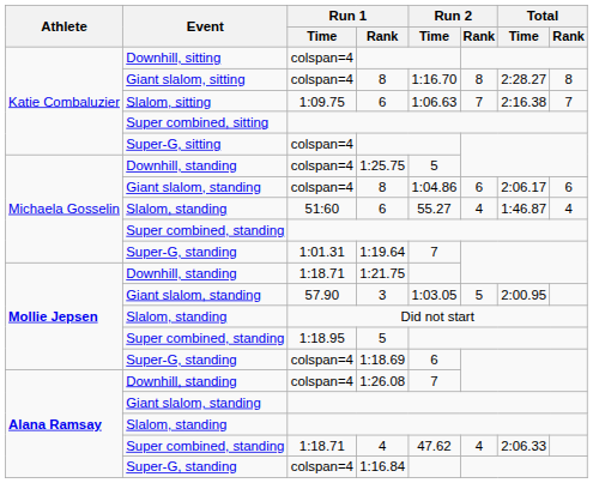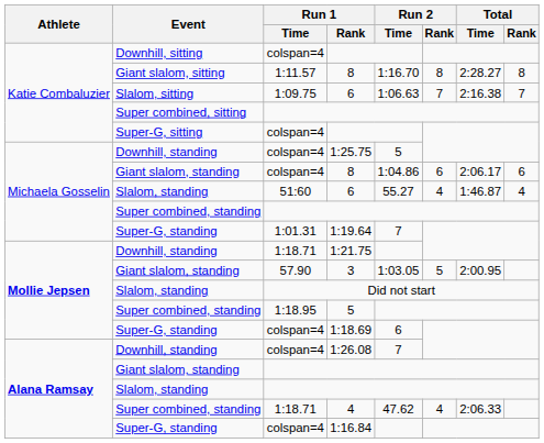 <table class="wikitable" style="font-size:90%">
 <tr>
 <th rowspan=2>Athlete</th>
 <th rowspan=2>Event</th>
 <th colspan=2>Run 1</th>
 <th colspan=2>Run 2</th>
 <th colspan=2>Total</th>
 </tr>
 <tr style="font-size:95%">
 <th>Time</th>
 <th>Rank</th>
 <th>Time</th>
 <th>Rank</th>
 <th>Time</th>
 <th>Rank</th>
 </tr>
 <tr align=center>
 <td style="text-align:left;" rowspan="5"><a href='#'>Katie Combaluzier</a></td>
 <td align=left><a href='#'>Downhill, sitting</a></td>
 <td>colspan=4 </td>
 <td colspan=2></td>
 </tr>
 <tr align=center>
 <td align=left><a href='#'>Giant slalom, sitting</a></td>
-<td>colspan=4 </td>
+<td>1:11.57</td>
 <td>8</td>
 <td>1:16.70</td>
 <td>8</td>
 <td>2:28.27</td>
 <td>8</td>
 </tr>
 <tr align=center>
 <td align=left><a href='#'>Slalom, sitting</a></td>
 <td>1:09.75</td>
 <td>6</td>
 <td>1:06.63</td>
 <td>7</td>
 <td>2:16.38</td>
 <td>7</td>
 </tr>
 <tr align=center>
 <td align=left><a href='#'>Super combined, sitting</a></td>
 <td colspan=6></td>
 </tr>
 <tr align=center>
 <td align=left><a href='#'>Super-G, sitting</a></td>
 <td>colspan=4 </td>
 <td colspan=2></td>
 </tr>
 <tr align=center>
 <td style="text-align:left;" rowspan="5"><a href='#'>Michaela Gosselin</a></td>
 <td align=left><a href='#'>Downhill, standing</a></td>
 <td>colspan=4 </td>
 <td>1:25.75</td>
 <td>5</td>
 </tr>
 <tr align=center>
 <td align=left><a href='#'>Giant slalom, standing</a></td>
 <td>colspan=4 </td>
 <td>8</td>
 <td>1:04.86</td>
 <td>6</td>
 <td>2:06.17</td>
 <td>6</td>
 </tr>
 <tr align=center>
 <td align=left><a href='#'>Slalom, standing</a></td>
 <td>51:60</td>
 <td>6</td>
 <td>55.27</td>
 <td>4</td>
 <td>1:46.87</td>
 <td>4</td>
 </tr>
 <tr align=center>
 <td align=left><a href='#'>Super combined, standing</a></td>
 <td colspan=6></td>
 </tr>
 <tr align=center>
 <td align=left><a href='#'>Super-G, standing</a></td>
 <td>1:01.31</td>
 <td>1:19.64</td>
 <td>7</td>
 </tr>
 <tr align=center>
 <td style="text-align:left;" rowspan="5"><strong><a href='#'>Mollie Jepsen</a></strong></td>
 <td align=left><a href='#'>Downhill, standing</a></td>
 <td>1:18.71</td>
 <td>1:21.75</td>
 <td></td>
 </tr>
 <tr align=center>
 <td align=left><a href='#'>Giant slalom, standing</a></td>
 <td>57.90</td>
 <td>3</td>
 <td>1:03.05</td>
 <td>5</td>
 <td>2:00.95</td>
 <td></td>
 </tr>
 <tr align=center>
 <td align=left><a href='#'>Slalom, standing</a></td>
 <td colspan="6">Did not start</td>
 </tr>
 <tr align=center>
 <td align=left><a href='#'>Super combined, standing</a></td>
 <td>1:18.95</td>
 <td>5</td>
 <td colspan=4></td>
 </tr>
 <tr align=center>
 <td align=left><a href='#'>Super-G, standing</a></td>
 <td>colspan=4 </td>
 <td>1:18.69</td>
 <td>6</td>
 </tr>
 <tr align=center>
 <td style="text-align:left;" rowspan="5"><strong><a href='#'>Alana Ramsay</a></strong></td>
 <td align=left><a href='#'>Downhill, standing</a></td>
 <td>colspan=4 </td>
 <td>1:26.08</td>
 <td>7</td>
 </tr>
 <tr align=center>
 <td align=left><a href='#'>Giant slalom, standing</a></td>
 <td colspan=6></td>
 </tr>
 <tr align=center>
 <td align=left><a href='#'>Slalom, standing</a></td>
 <td colspan="6"></td>
 </tr>
 <tr align=center>
 <td align=left><a href='#'>Super combined, standing</a></td>
 <td>1:18.71</td>
 <td>4</td>
 <td>47.62</td>
 <td>4</td>
 <td>2:06.33</td>
 <td></td>
 </tr>
 <tr align=center>
 <td align=left><a href='#'>Super-G, standing</a></td>
 <td>colspan=4 </td>
 <td>1:16.84</td>
 <td></td>
 </tr>
 </table>
